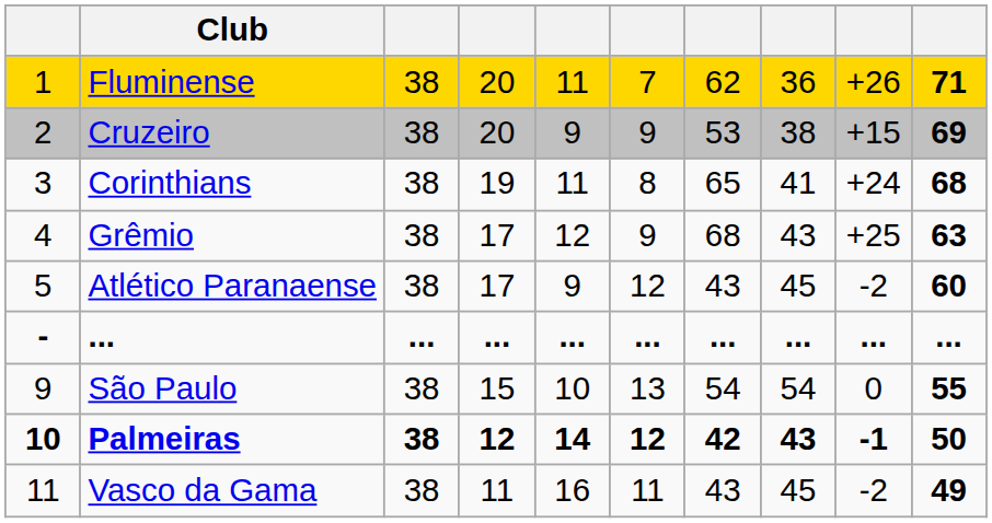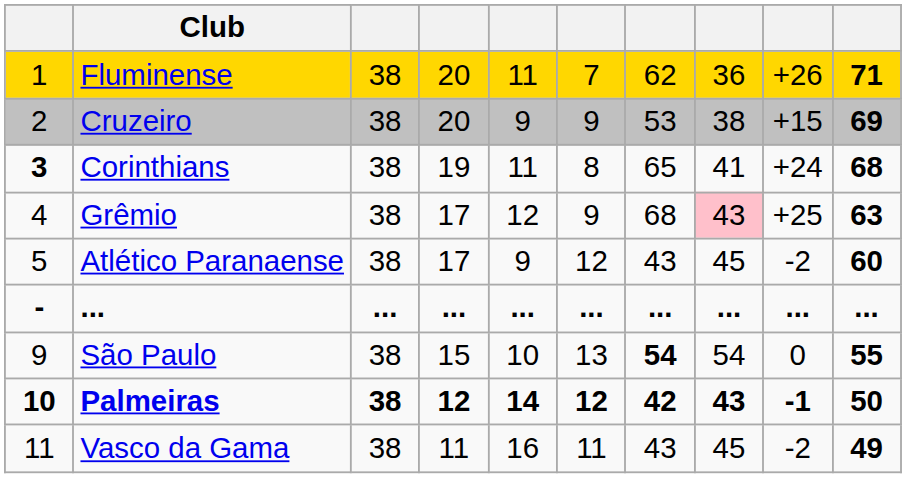 <table class="wikitable" style="text-align:center">
 <tr>
 <th width=30></th>
 <th>Club</th>
 <th width=30></th>
 <th width=30></th>
 <th width=30></th>
 <th width=30></th>
 <th width=30></th>
 <th width=30></th>
 <th width=30></th>
 <th width=30></th>
 </tr>
 <tr bgcolor="gold">
 <td>1</td>
 <td align=left><a href='#'>Fluminense</a></td>
 <td>38</td>
 <td>20</td>
 <td>11</td>
 <td>7</td>
 <td>62</td>
 <td>36</td>
 <td>+26</td>
 <td><strong>71</strong></td>
 </tr>
 <tr bgcolor="silver">
 <td>2</td>
 <td align=left><a href='#'>Cruzeiro</a></td>
 <td>38</td>
 <td>20</td>
 <td>9</td>
 <td>9</td>
 <td>53</td>
 <td>38</td>
 <td>+15</td>
 <td><strong>69</strong></td>
 </tr>
 <tr>
-<td>3</td>
+<td><strong>3</strong></td>
 <td align=left><a href='#'>Corinthians</a></td>
 <td>38</td>
 <td>19</td>
 <td>11</td>
 <td>8</td>
 <td>65</td>
 <td>41</td>
 <td>+24</td>
 <td><strong>68</strong></td>
 </tr>
 <tr>
 <td>4</td>
 <td align=left><a href='#'>Grêmio</a></td>
 <td>38</td>
 <td>17</td>
 <td>12</td>
 <td>9</td>
 <td>68</td>
-<td>43</td>
+<td style="background: pink;">43</td>
 <td>+25</td>
 <td><strong>63</strong></td>
 </tr>
 <tr>
 <td>5</td>
 <td align=left><a href='#'>Atlético Paranaense</a></td>
 <td>38</td>
 <td>17</td>
 <td>9</td>
 <td>12</td>
 <td>43</td>
 <td>45</td>
 <td>-2</td>
 <td><strong>60</strong></td>
 </tr>
 <tr>
 <td><strong>-</strong></td>
 <td align=left><strong>...</strong></td>
 <td><strong>...</strong></td>
 <td><strong>...</strong></td>
 <td><strong>...</strong></td>
 <td><strong>...</strong></td>
 <td><strong>...</strong></td>
 <td><strong>...</strong></td>
 <td><strong>...</strong></td>
 <td><strong>...</strong></td>
 </tr>
 <tr>
 <td>9</td>
 <td align=left><a href='#'>São Paulo</a></td>
 <td>38</td>
 <td>15</td>
 <td>10</td>
 <td>13</td>
-<td>54</td>
+<td><strong>54</strong></td>
 <td>54</td>
 <td>0</td>
 <td><strong>55</strong></td>
 </tr>
 <tr>
 <td><strong>10</strong></td>
 <td align=left><strong><a href='#'>Palmeiras</a></strong></td>
 <td><strong>38</strong></td>
 <td><strong>12</strong></td>
 <td><strong>14</strong></td>
 <td><strong>12</strong></td>
 <td><strong>42</strong></td>
 <td><strong>43</strong></td>
 <td><strong>-1</strong></td>
 <td><strong>50</strong></td>
 </tr>
 <tr>
 <td>11</td>
 <td align=left><a href='#'>Vasco da Gama</a></td>
 <td>38</td>
 <td>11</td>
 <td>16</td>
 <td>11</td>
 <td>43</td>
 <td>45</td>
 <td>-2</td>
 <td><strong>49</strong></td>
 </tr>
 </table>
